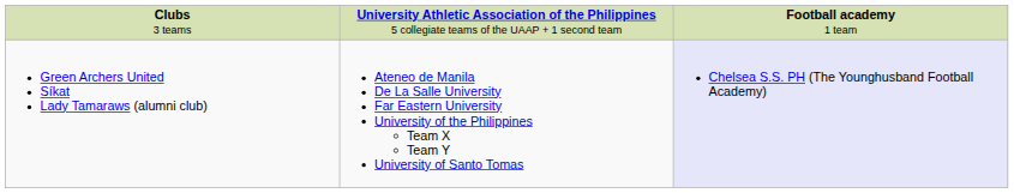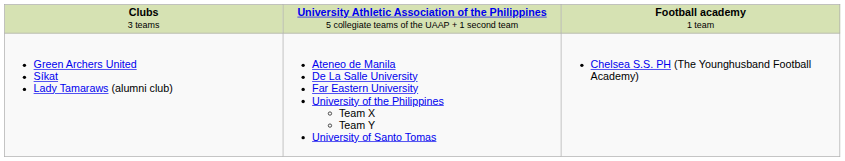 <table class="wikitable">
 <tr style="background-color:#d6e2b3; text-align:center; vertical-align:top">
 <td width=25%><strong>Clubs</strong><br><small>3 teams</small></td>
 <td width=25%><strong><a href='#'>University Athletic Association of the Philippines</a></strong><br><small>5 collegiate teams of the UAAP + 1 second team</small></td>
 <td width=25%><strong>Football academy</strong><br><small>1 team</small></td>
 </tr>
 <tr style="vertical-align:top">
 <td><br><ul><li><a href='#'>Green Archers United</a></li><li><a href='#'>Síkat</a></li><li><a href='#'>Lady Tamaraws</a> (alumni club)</li></ul></td>
 <td><br><ul><li><a href='#'>Ateneo de Manila</a></li><li><a href='#'>De La Salle University</a></li><li><a href='#'>Far Eastern University</a></li><li><a href='#'>University of the Philippines</a><ul><li>Team X</li><li>Team Y</li></ul></li><li><a href='#'>University of Santo Tomas</a></li></ul></td>
-<td style="background: lavender;"><br><ul><li><a href='#'>Chelsea S.S. PH</a> (The Younghusband Football Academy)</li></ul></td>
+<td><br><ul><li><a href='#'>Chelsea S.S. PH</a> (The Younghusband Football Academy)</li></ul></td>
 </tr>
 </table>
